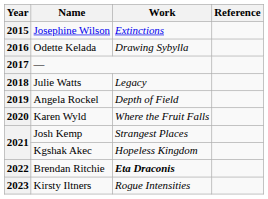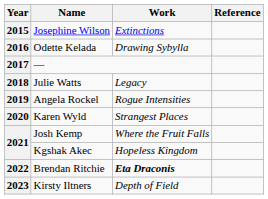 <table class="wikitable">
 <tr>
 <th>Year</th>
 <th>Name</th>
 <th>Work</th>
 <th>Reference</th>
 </tr>
 <tr>
 <th>2015</th>
 <td><a href='#'>Josephine Wilson</a></td>
 <td><em><a href='#'>Extinctions</a></em></td>
 <td></td>
 </tr>
 <tr>
 <th>2016</th>
 <td>Odette Kelada</td>
 <td><em>Drawing Sybylla</em></td>
 <td></td>
 </tr>
 <tr>
 <th>2017</th>
 <td colspan="2">—</td>
 <td></td>
 </tr>
 <tr>
 <th>2018</th>
 <td>Julie Watts</td>
 <td><em>Legacy</em></td>
 <td></td>
 </tr>
 <tr>
 <th>2019</th>
 <td>Angela Rockel</td>
-<td><em>Depth of Field</em></td>
+<td><em>Rogue Intensities</em></td>
 <td></td>
 </tr>
 <tr>
 <th>2020</th>
 <td>Karen Wyld</td>
-<td><em>Where the Fruit Falls</em></td>
+<td><em>Strangest Places</em></td>
 <td></td>
 </tr>
 <tr>
 <th rowspan="2">2021</th>
 <td>Josh Kemp</td>
-<td><em>Strangest Places</em></td>
+<td><em>Where the Fruit Falls</em></td>
 <td></td>
 </tr>
 <tr>
 <td>Kgshak Akec</td>
 <td><em>Hopeless Kingdom</em></td>
 <td></td>
 </tr>
 <tr>
 <th>2022</th>
 <td>Brendan Ritchie</td>
 <td><strong><em>Eta Draconis</em></strong></td>
 <td></td>
 </tr>
 <tr>
 <th>2023</th>
 <td>Kirsty Iltners</td>
-<td><em>Rogue Intensities</em></td>
+<td><em>Depth of Field</em></td>
 <td></td>
 </tr>
 </table>
